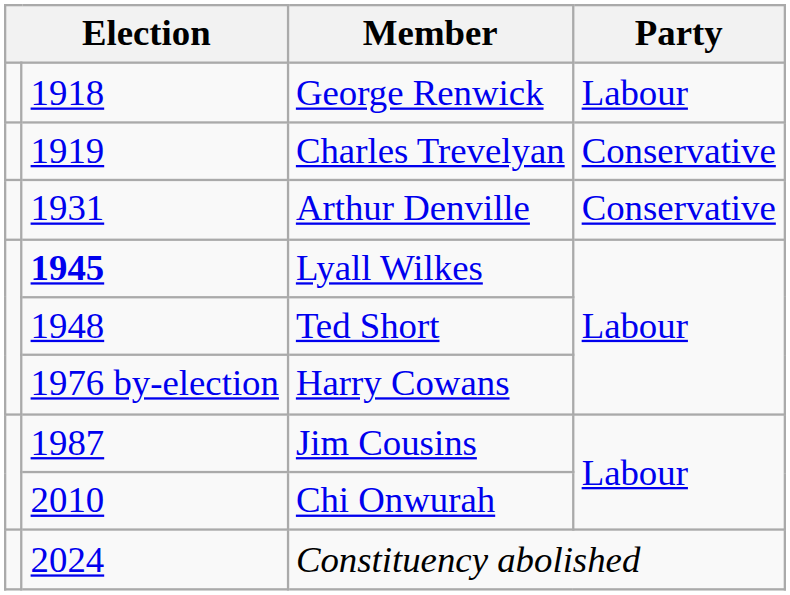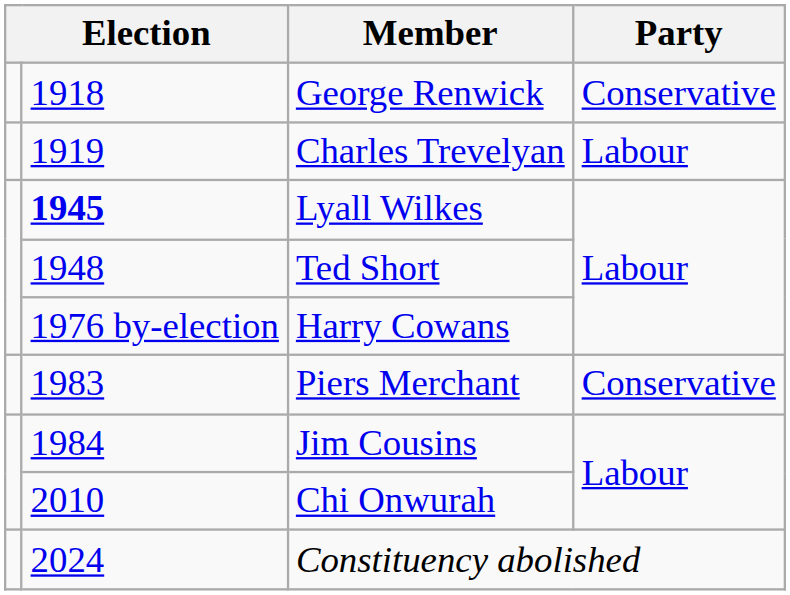 <table class="wikitable">
 <tr>
 <th colspan="2">Election</th>
 <th>Member</th>
 <th>Party</th>
 </tr>
 <tr>
 <td style="color:inherit;background-color: "></td>
 <td><a href='#'>1918</a></td>
 <td><a href='#'>George Renwick</a></td>
-<td><a href='#'>Labour</a></td>
+<td><a href='#'>Conservative</a></td>
 </tr>
 <tr>
 <td style="color:inherit;background-color: "></td>
 <td><a href='#'>1919</a></td>
 <td><a href='#'>Charles Trevelyan</a></td>
-<td><a href='#'>Conservative</a></td>
-</tr>
-<tr>
-<td style="color:inherit;background-color: "></td>
-<td><a href='#'>1931</a></td>
-<td><a href='#'>Arthur Denville</a></td>
-<td><a href='#'>Conservative</a></td>
+<td><a href='#'>Labour</a></td>
 </tr>
 <tr>
 <td rowspan="3" style="color:inherit;background-color: "></td>
 <td><strong><a href='#'>1945</a></strong></td>
 <td><a href='#'>Lyall Wilkes</a></td>
 <td rowspan="3"><a href='#'>Labour</a></td>
 </tr>
 <tr>
 <td><a href='#'>1948</a></td>
 <td><a href='#'>Ted Short</a></td>
 </tr>
 <tr>
 <td><a href='#'>1976 by-election</a></td>
 <td><a href='#'>Harry Cowans</a></td>
 </tr>
 <tr>
+<td style="color:inherit;background-color: "></td>
+<td><a href='#'>1983</a></td>
+<td><a href='#'>Piers Merchant</a></td>
+<td><a href='#'>Conservative</a></td>
+</tr>
+<tr>
 <td rowspan="2" style="color:inherit;background-color: "></td>
-<td><a href='#'>1987</a></td>
+<td><a href='#'>1984</a></td>
 <td><a href='#'>Jim Cousins</a></td>
 <td rowspan="2"><a href='#'>Labour</a></td>
 </tr>
 <tr>
 <td><a href='#'>2010</a></td>
 <td><a href='#'>Chi Onwurah</a></td>
 </tr>
 <tr>
 <td></td>
 <td><a href='#'>2024</a></td>
 <td colspan="2"><em>Constituency abolished</em></td>
 </tr>
 </table>
